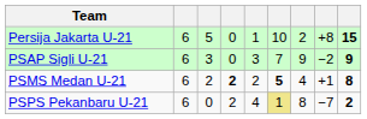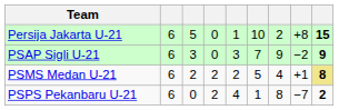 <table class="wikitable" style="text-align:center">
 <tr>
 <th width=190>Team</th>
 <th width=20></th>
 <th width=20></th>
 <th width=20></th>
 <th width=20></th>
 <th width=20></th>
 <th width=20></th>
 <th width=20></th>
 <th width=20></th>
 </tr>
 <tr bgcolor=ccffcc>
 <td align=left><a href='#'>Persija Jakarta U-21</a></td>
 <td>6</td>
 <td>5</td>
 <td>0</td>
 <td>1</td>
 <td>10</td>
 <td>2</td>
 <td>+8</td>
 <td><strong>15</strong></td>
 </tr>
 <tr bgcolor=ccffcc>
 <td align=left><a href='#'>PSAP Sigli U-21</a></td>
 <td>6</td>
 <td>3</td>
 <td>0</td>
 <td>3</td>
 <td>7</td>
 <td>9</td>
 <td>−2</td>
 <td><strong>9</strong></td>
 </tr>
 <tr>
 <td align=left><a href='#'>PSMS Medan U-21</a></td>
 <td>6</td>
 <td>2</td>
-<td><strong>2</strong></td>
 <td>2</td>
-<td><strong>5</strong></td>
+<td>2</td>
+<td>5</td>
 <td>4</td>
 <td>+1</td>
-<td><strong>8</strong></td>
+<td style="background: khaki;"><strong>8</strong></td>
 </tr>
 <tr>
 <td align=left><a href='#'>PSPS Pekanbaru U-21</a></td>
 <td>6</td>
 <td>0</td>
 <td>2</td>
 <td>4</td>
-<td style="background: khaki;">1</td>
+<td>1</td>
 <td>8</td>
 <td>−7</td>
 <td><strong>2</strong></td>
 </tr>
 </table>
